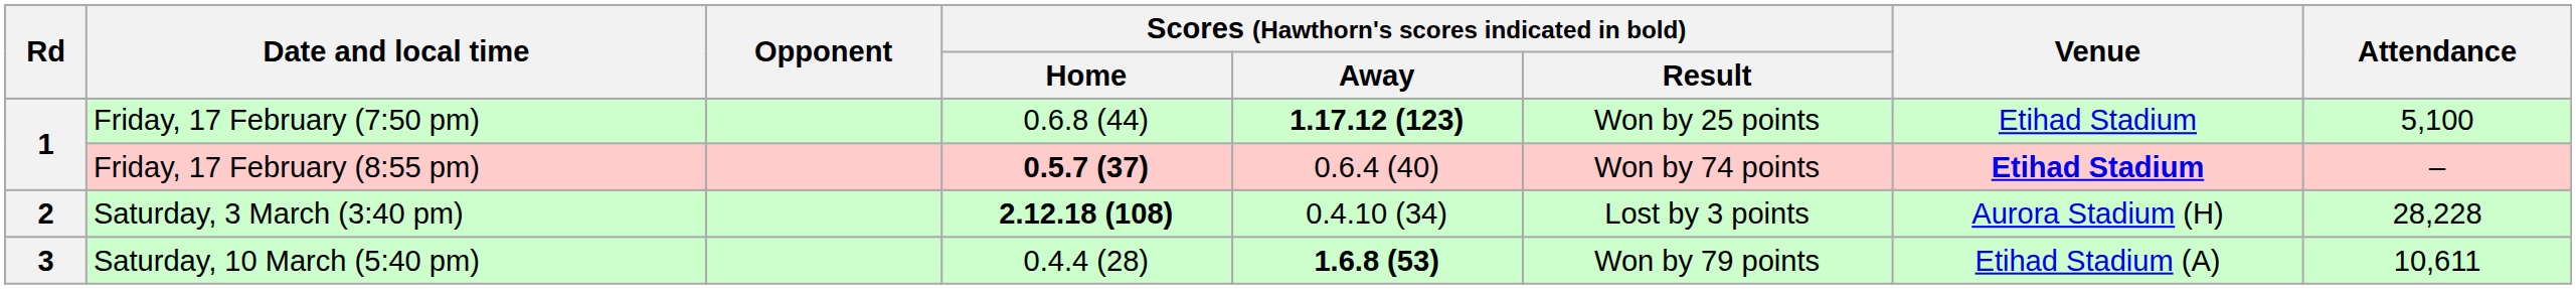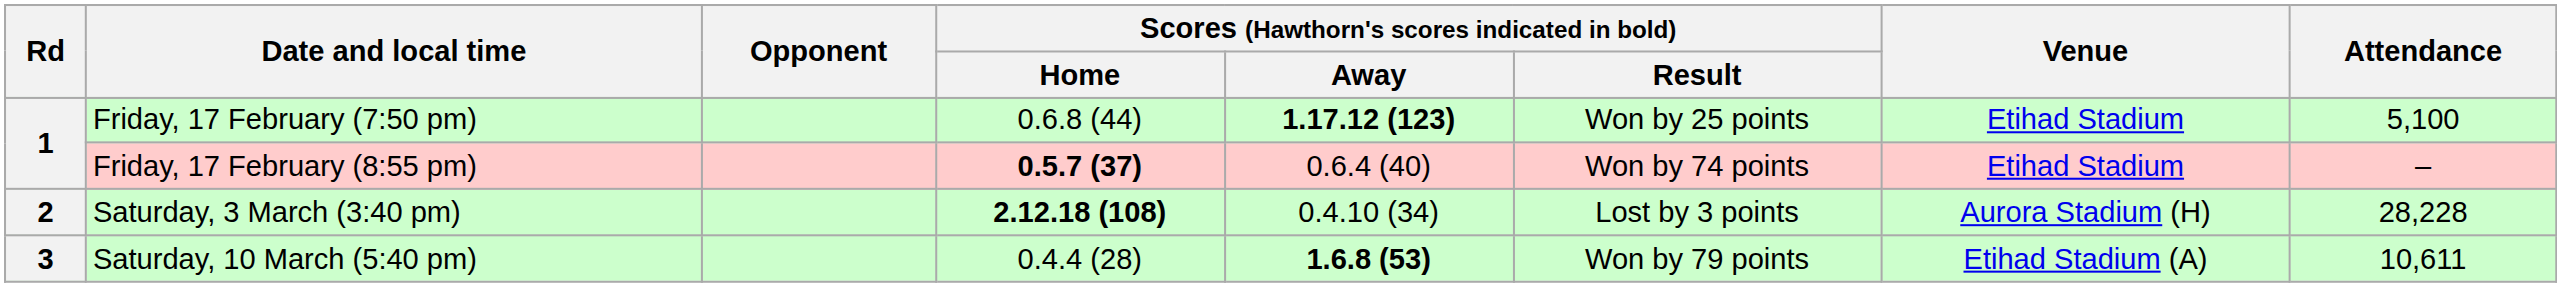 <table class="wikitable" style="font-size:90%; text-align:center; width: 100%; margin-left: auto; margin-right: auto">
 <tr>
 <th rowspan="2">Rd</th>
 <th rowspan="2">Date and local time</th>
 <th rowspan="2">Opponent</th>
 <th colspan="3">Scores <small>(Hawthorn's scores indicated in bold)</small></th>
 <th rowspan="2">Venue</th>
 <th rowspan="2">Attendance</th>
 </tr>
 <tr>
 <th>Home</th>
 <th>Away</th>
 <th>Result</th>
 </tr>
 <tr style="background:#cfc">
 <th rowspan="2">1</th>
 <td align=left>Friday, 17 February (7:50 pm)</td>
 <td align=left></td>
 <td>0.6.8 (44)</td>
 <td><strong>1.17.12 (123)</strong></td>
 <td>Won by 25 points</td>
 <td><a href='#'>Etihad Stadium</a></td>
 <td>5,100</td>
 </tr>
 <tr style="background:#fcc;">
 <td align=left>Friday, 17 February (8:55 pm)</td>
 <td align=left></td>
 <td><strong>0.5.7 (37)</strong></td>
 <td>0.6.4 (40)</td>
 <td>Won by 74 points</td>
-<td><strong><a href='#'>Etihad Stadium</a></strong></td>
+<td><a href='#'>Etihad Stadium</a></td>
 <td>–</td>
 </tr>
 <tr style="background:#cfc">
 <th>2</th>
 <td align=left>Saturday, 3 March (3:40 pm)</td>
 <td align=left></td>
 <td><strong>2.12.18 (108)</strong></td>
 <td>0.4.10 (34)</td>
 <td>Lost by 3 points</td>
 <td><a href='#'>Aurora Stadium</a> (H)</td>
 <td>28,228</td>
 </tr>
 <tr style="background:#cfc">
 <th>3</th>
 <td align=left>Saturday, 10 March (5:40 pm)</td>
 <td align=left></td>
 <td>0.4.4 (28)</td>
 <td><strong>1.6.8 (53)</strong></td>
 <td>Won by 79 points</td>
 <td><a href='#'>Etihad Stadium</a> (A)</td>
 <td>10,611</td>
 </tr>
 </table>
